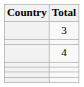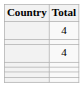 <table class="sortable wikitable plainrowheaders">
 <tr>
 <th scope="col">Country</th>
 <th scope="col">Total</th>
 </tr>
 <tr>
 <th scope="row"></th>
-<td align="center">3</td>
+<td align="center">4</td>
 </tr>
 <tr>
 <th scope="row"></th>
 <td align="center"></td>
 </tr>
 <tr>
 <th scope="row"></th>
 <td align="center">4</td>
 </tr>
 <tr>
 <th scope="row"></th>
 <td align="center"></td>
 </tr>
 <tr>
 <th scope="row"></th>
 <td align="center"></td>
 </tr>
 <tr>
 <th scope="row"></th>
 <td align="center"></td>
 </tr>
 <tr>
 <th scope="row"></th>
 <td align="center"></td>
 </tr>
 </table>
